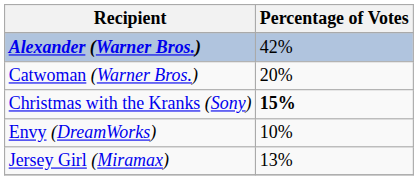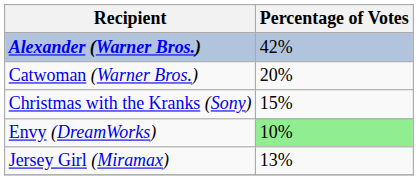 <table class="wikitable sortable plainrowheaders" align="centre">
 <tr>
 <th>Recipient</th>
 <th>Percentage of Votes</th>
 </tr>
 <tr>
 </tr>
 <tr style="background:#B0C4DE;">
 <td><strong><em><a href='#'>Alexander</a><em> (<a href='#'>Warner Bros.</a>)<strong></td>
 <td></strong>42%<strong></td>
 </tr>
 <tr>
 <td></em><a href='#'>Catwoman</a><em> (<a href='#'>Warner Bros.</a>)</td>
 <td>20%</td>
 </tr>
 <tr>
 <td></em><a href='#'>Christmas with the Kranks</a><em> (<a href='#'>Sony</a>)</td>
-<td><strong>15%</strong></td>
+<td>15%</td>
 </tr>
 <tr>
 <td></em><a href='#'>Envy</a><em> (<a href='#'>DreamWorks</a>)</td>
-<td>10%</td>
+<td style="background: lightgreen;">10%</td>
 </tr>
 <tr>
 <td></em><a href='#'>Jersey Girl</a><em> (<a href='#'>Miramax</a>)</td>
 <td>13%</td>
 </tr>
 <tr>
 </tr>
 </table>
